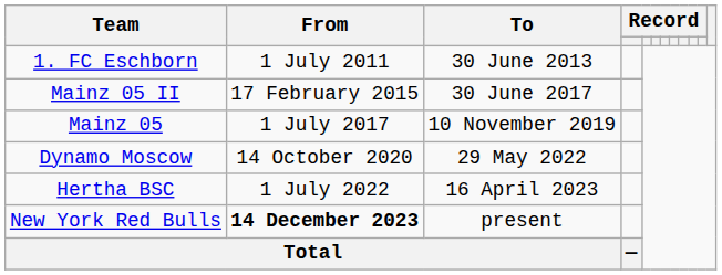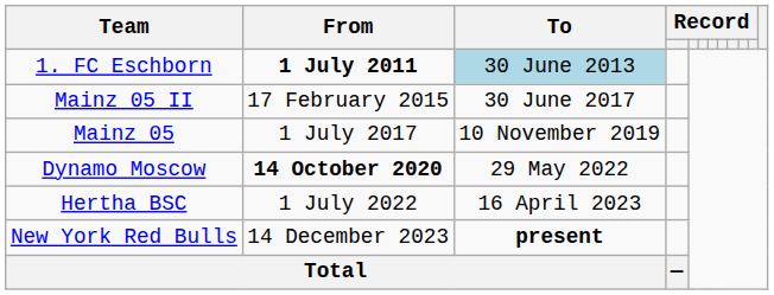 <table class="wikitable" style="text-align: center">
 <tr>
 <th rowspan="2">Team</th>
 <th rowspan="2">From</th>
 <th rowspan="2">To</th>
 <th colspan="8">Record</th>
 <th rowspan="2"></th>
 </tr>
 <tr>
 <th></th>
 <th></th>
 <th></th>
 <th></th>
 <th></th>
 <th></th>
 <th></th>
 <th></th>
 </tr>
 <tr>
 <td><a href='#'>1. FC Eschborn</a></td>
-<td>1 July 2011</td>
-<td>30 June 2013<br></td>
+<td><strong>1 July 2011</strong></td>
+<td style="background: lightblue;">30 June 2013<br></td>
 <td></td>
 </tr>
 <tr>
 <td><a href='#'>Mainz 05 II</a></td>
 <td>17 February 2015</td>
 <td>30 June 2017<br></td>
 <td></td>
 </tr>
 <tr>
 <td><a href='#'>Mainz 05</a></td>
 <td>1 July 2017</td>
 <td>10 November 2019<br></td>
 <td></td>
 </tr>
 <tr>
 <td><a href='#'>Dynamo Moscow</a></td>
-<td>14 October 2020</td>
+<td><strong>14 October 2020</strong></td>
 <td>29 May 2022<br></td>
 <td></td>
 </tr>
 <tr>
 <td><a href='#'>Hertha BSC</a></td>
 <td>1 July 2022</td>
 <td>16 April 2023<br></td>
 <td></td>
 </tr>
 <tr>
 <td><a href='#'>New York Red Bulls</a></td>
-<td><strong>14 December 2023</strong></td>
-<td>present<br></td>
+<td>14 December 2023</td>
+<td><strong>present<br></strong></td>
 <td></td>
 </tr>
 <tr>
 <th colspan="3">Total<br></th>
 <th>—</th>
 </tr>
 </table>
